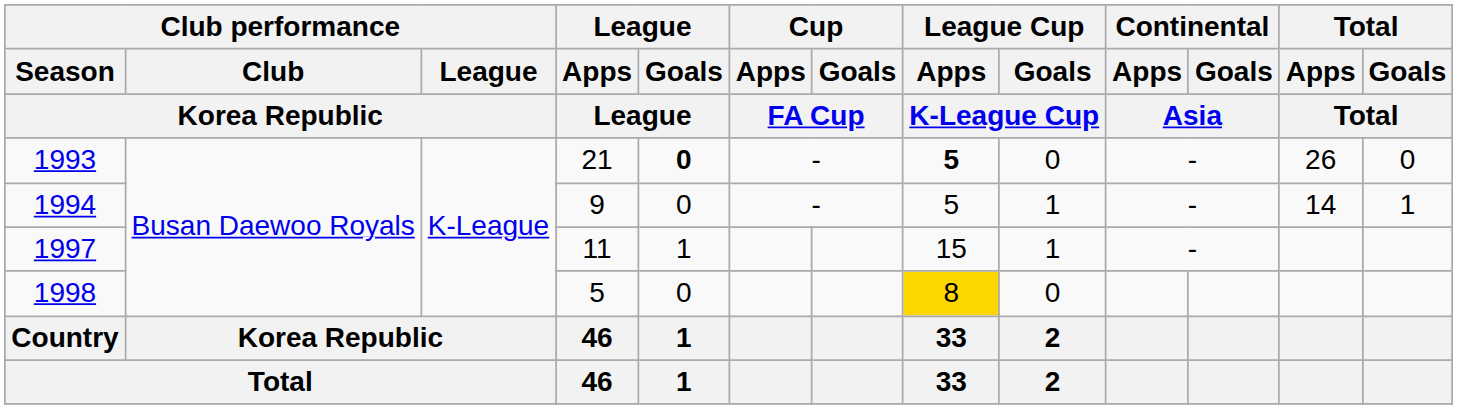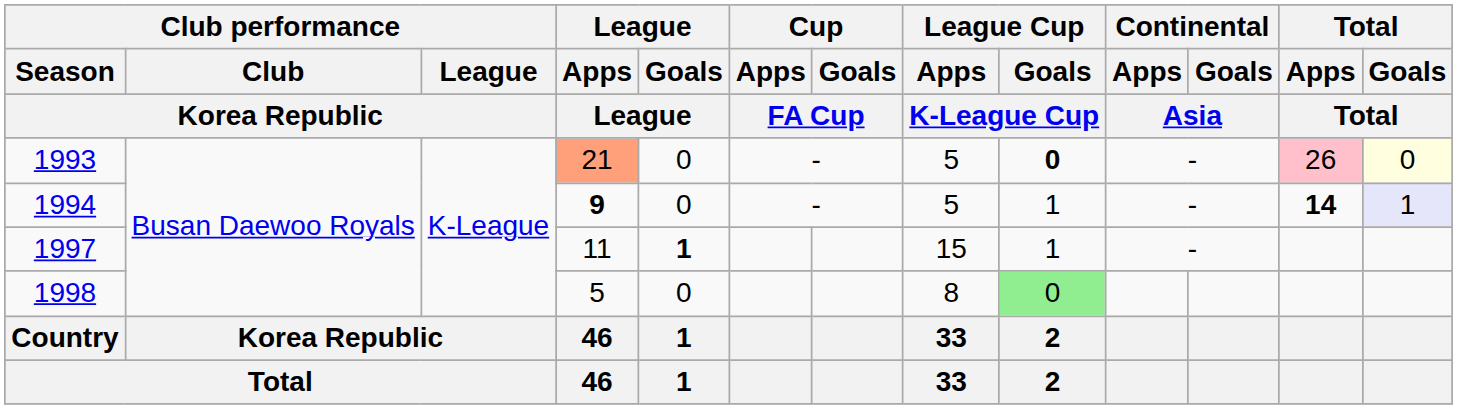 <table class="wikitable" style="text-align:center;">
 <tr>
 <th colspan=3>Club performance</th>
 <th colspan=2>League</th>
 <th colspan=2>Cup</th>
 <th colspan=2>League Cup</th>
 <th colspan=2>Continental</th>
 <th colspan=2>Total</th>
 </tr>
 <tr>
 <th>Season</th>
 <th>Club</th>
 <th>League</th>
 <th>Apps</th>
 <th>Goals</th>
 <th>Apps</th>
 <th>Goals</th>
 <th>Apps</th>
 <th>Goals</th>
 <th>Apps</th>
 <th>Goals</th>
 <th>Apps</th>
 <th>Goals</th>
 </tr>
 <tr>
 <th colspan=3>Korea Republic</th>
 <th colspan=2>League</th>
 <th colspan=2><a href='#'>FA Cup</a></th>
 <th colspan=2><a href='#'>K-League Cup</a></th>
 <th colspan=2><a href='#'>Asia</a></th>
 <th colspan=2>Total</th>
 </tr>
 <tr>
 <td><a href='#'>1993</a></td>
 <td rowspan="4"><a href='#'>Busan Daewoo Royals</a></td>
 <td rowspan="4"><a href='#'>K-League</a></td>
-<td>21</td>
+<td style="background: lightsalmon;">21</td>
+<td>0</td>
+<td colspan="2">-</td>
+<td>5</td>
 <td><strong>0</strong></td>
 <td colspan="2">-</td>
-<td><strong>5</strong></td>
-<td>0</td>
-<td colspan="2">-</td>
-<td>26</td>
-<td>0</td>
+<td style="background: pink;">26</td>
+<td style="background: lightyellow;">0</td>
 </tr>
 <tr>
 <td><a href='#'>1994</a></td>
-<td>9</td>
+<td><strong>9</strong></td>
 <td>0</td>
 <td colspan="2">-</td>
 <td>5</td>
 <td>1</td>
 <td colspan="2">-</td>
-<td>14</td>
-<td>1</td>
+<td><strong>14</strong></td>
+<td style="background: lavender;">1</td>
 </tr>
 <tr>
 <td><a href='#'>1997</a></td>
 <td>11</td>
-<td>1</td>
+<td><strong>1</strong></td>
 <td></td>
 <td></td>
 <td>15</td>
 <td>1</td>
 <td colspan="2">-</td>
 <td></td>
 <td></td>
 </tr>
 <tr>
 <td><a href='#'>1998</a></td>
 <td>5</td>
 <td>0</td>
 <td></td>
 <td></td>
-<td style="background: gold;">8</td>
-<td>0</td>
+<td>8</td>
+<td style="background: lightgreen;">0</td>
 <td></td>
 <td></td>
 <td></td>
 <td></td>
 </tr>
 <tr>
 <th rowspan=1>Country</th>
 <th colspan=2>Korea Republic</th>
 <th>46</th>
 <th>1</th>
 <th></th>
 <th></th>
 <th>33</th>
 <th>2</th>
 <th></th>
 <th></th>
 <th></th>
 <th></th>
 </tr>
 <tr>
 <th colspan=3>Total</th>
 <th>46</th>
 <th>1</th>
 <th></th>
 <th></th>
 <th>33</th>
 <th>2</th>
 <th></th>
 <th></th>
 <th></th>
 <th></th>
 </tr>
 </table>
